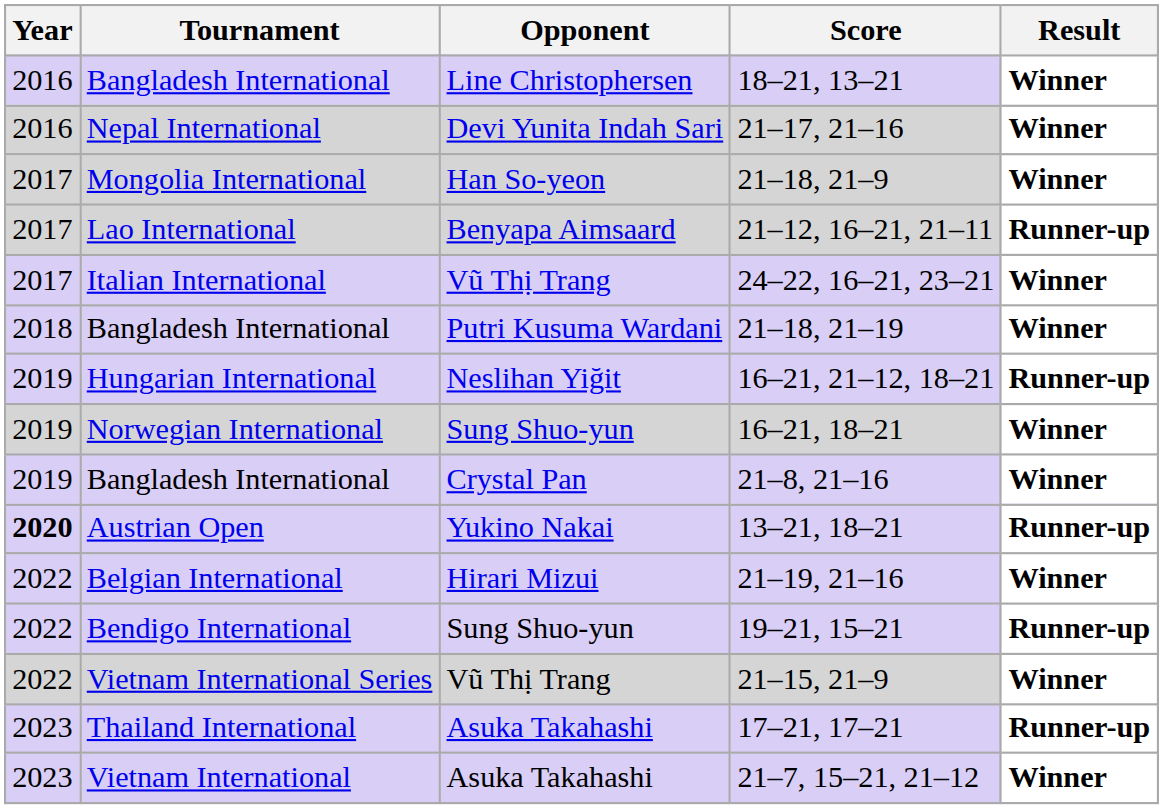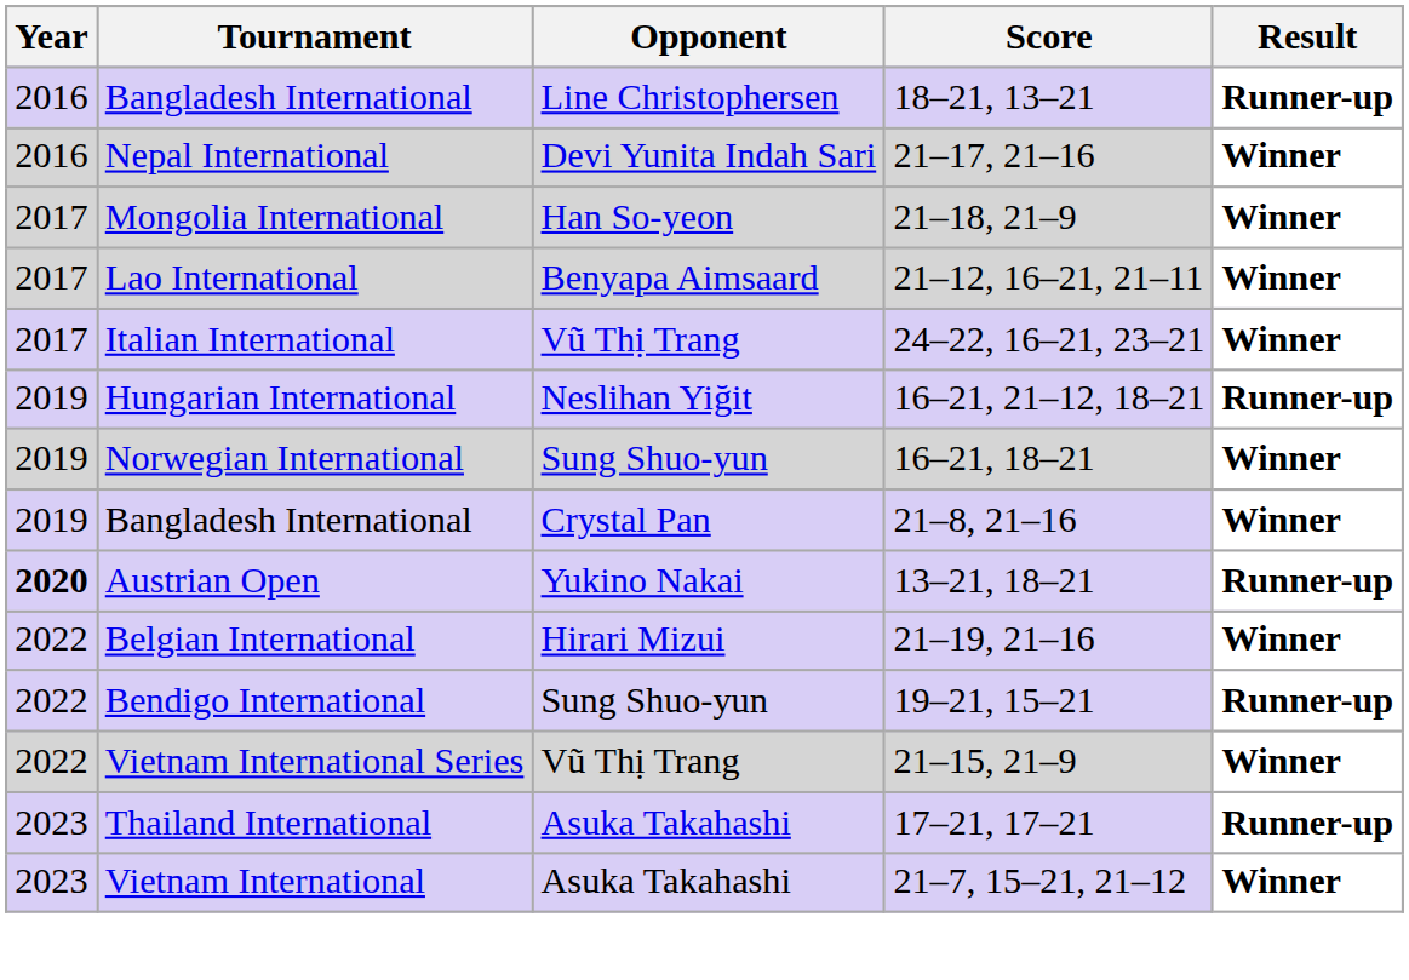 <table class="sortable wikitable" style="font-size: 90%;">
 <tr>
 <th>Year</th>
 <th>Tournament</th>
 <th>Opponent</th>
 <th>Score</th>
 <th>Result</th>
 </tr>
 <tr style="background:#D8CEF6">
 <td align="center">2016</td>
 <td align="left"><a href='#'>Bangladesh International</a></td>
 <td align="left"> <a href='#'>Line Christophersen</a></td>
 <td align="left">18–21, 13–21</td>
-<td style="text-align:left; background:white"> <strong>Winner</strong></td>
+<td style="text-align:left; background:white"> <strong>Runner-up</strong></td>
 </tr>
 <tr style="background:#D5D5D5">
 <td align="center">2016</td>
 <td align="left"><a href='#'>Nepal International</a></td>
 <td align="left"> <a href='#'>Devi Yunita Indah Sari</a></td>
 <td align="left">21–17, 21–16</td>
 <td style="text-align:left; background:white"> <strong>Winner</strong></td>
 </tr>
 <tr style="background:#D5D5D5">
 <td align="center">2017</td>
 <td align="left"><a href='#'>Mongolia International</a></td>
 <td align="left"> <a href='#'>Han So-yeon</a></td>
 <td align="left">21–18, 21–9</td>
 <td style="text-align:left; background:white"> <strong>Winner</strong></td>
 </tr>
 <tr style="background:#D5D5D5">
 <td align="center">2017</td>
 <td align="left"><a href='#'>Lao International</a></td>
 <td align="left"> <a href='#'>Benyapa Aimsaard</a></td>
 <td align="left">21–12, 16–21, 21–11</td>
-<td style="text-align:left; background:white"> <strong>Runner-up</strong></td>
+<td style="text-align:left; background:white"> <strong>Winner</strong></td>
 </tr>
 <tr style="background:#D8CEF6">
 <td align="center">2017</td>
 <td align="left"><a href='#'>Italian International</a></td>
 <td align="left"> <a href='#'>Vũ Thị Trang</a></td>
 <td align="left">24–22, 16–21, 23–21</td>
-<td style="text-align:left; background:white"> <strong>Winner</strong></td>
-</tr>
-<tr style="background:#D8CEF6">
-<td align="center">2018</td>
-<td align="left">Bangladesh International</td>
-<td align="left"> <a href='#'>Putri Kusuma Wardani</a></td>
-<td align="left">21–18, 21–19</td>
 <td style="text-align:left; background:white"> <strong>Winner</strong></td>
 </tr>
 <tr style="background:#D8CEF6">
 <td align="center">2019</td>
 <td align="left"><a href='#'>Hungarian International</a></td>
 <td align="left"> <a href='#'>Neslihan Yiğit</a></td>
 <td align="left">16–21, 21–12, 18–21</td>
 <td style="text-align:left; background:white"> <strong>Runner-up</strong></td>
 </tr>
 <tr style="background:#D5D5D5">
 <td align="center">2019</td>
 <td align="left"><a href='#'>Norwegian International</a></td>
 <td align="left"> <a href='#'>Sung Shuo-yun</a></td>
 <td align="left">16–21, 18–21</td>
 <td style="text-align:left; background:white"> <strong>Winner</strong></td>
 </tr>
 <tr style="background:#D8CEF6">
 <td align="center">2019</td>
 <td align="left">Bangladesh International</td>
 <td align="left"> <a href='#'>Crystal Pan</a></td>
 <td align="left">21–8, 21–16</td>
 <td style="text-align:left; background:white"> <strong>Winner</strong></td>
 </tr>
 <tr style="background:#D8CEF6">
 <td align="center"><strong>2020</strong></td>
 <td align="left"><a href='#'>Austrian Open</a></td>
 <td align="left"> <a href='#'>Yukino Nakai</a></td>
 <td align="left">13–21, 18–21</td>
 <td style="text-align:left; background:white"> <strong>Runner-up</strong></td>
 </tr>
 <tr style="background:#D8CEF6">
 <td align="center">2022</td>
 <td align="left"><a href='#'>Belgian International</a></td>
 <td align="left"> <a href='#'>Hirari Mizui</a></td>
 <td align="left">21–19, 21–16</td>
 <td style="text-align:left; background:white"> <strong>Winner</strong></td>
 </tr>
 <tr style="background:#D8CEF6">
 <td align="center">2022</td>
 <td align="left"><a href='#'>Bendigo International</a></td>
 <td align="left"> Sung Shuo-yun</td>
 <td align="left">19–21, 15–21</td>
 <td style="text-align:left; background:white"> <strong>Runner-up</strong></td>
 </tr>
 <tr style="background:#D5D5D5">
 <td align="center">2022</td>
 <td align="left"><a href='#'>Vietnam International Series</a></td>
 <td align="left"> Vũ Thị Trang</td>
 <td align="left">21–15, 21–9</td>
 <td style="text-align:left; background:white"> <strong>Winner</strong></td>
 </tr>
 <tr style="background:#D8CEF6">
 <td align="center">2023</td>
 <td align="left"><a href='#'>Thailand International</a></td>
 <td align="left"> <a href='#'>Asuka Takahashi</a></td>
 <td align="left">17–21, 17–21</td>
 <td style="text-align:left; background:white"> <strong>Runner-up</strong></td>
 </tr>
 <tr style="background:#D8CEF6">
 <td align="center">2023</td>
 <td align="left"><a href='#'>Vietnam International</a></td>
 <td align="left"> Asuka Takahashi</td>
 <td align="left">21–7, 15–21, 21–12</td>
 <td style="text-align:left; background:white"> <strong>Winner</strong></td>
 </tr>
 </table>
